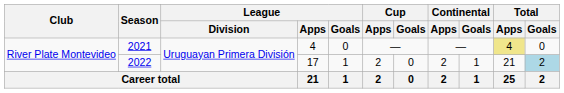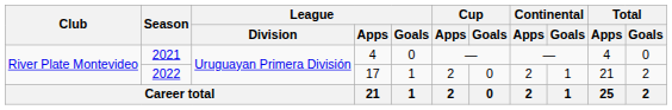 <table class="wikitable" Style="text-align: center">
 <tr>
 <th rowspan="2">Club</th>
 <th rowspan="2">Season</th>
 <th colspan="3">League</th>
 <th colspan="2">Cup</th>
 <th colspan="2">Continental</th>
 <th colspan="2">Total</th>
 </tr>
 <tr>
 <th>Division</th>
 <th>Apps</th>
 <th>Goals</th>
 <th>Apps</th>
 <th>Goals</th>
 <th>Apps</th>
 <th>Goals</th>
 <th>Apps</th>
 <th>Goals</th>
 </tr>
 <tr>
 <td rowspan="2"><a href='#'>River Plate Montevideo</a></td>
 <td><a href='#'>2021</a></td>
 <td rowspan="2"><a href='#'>Uruguayan Primera División</a></td>
 <td>4</td>
 <td>0</td>
 <td colspan="2">—</td>
 <td colspan="2">—</td>
-<td style="background: khaki;">4</td>
+<td>4</td>
 <td>0</td>
 </tr>
 <tr>
 <td><a href='#'>2022</a></td>
 <td>17</td>
 <td>1</td>
 <td>2</td>
 <td>0</td>
 <td>2</td>
 <td>1</td>
 <td>21</td>
-<td style="background: lightblue;">2</td>
+<td>2</td>
 </tr>
 <tr>
 <th colspan="3">Career total</th>
 <th>21</th>
 <th>1</th>
 <th>2</th>
 <th>0</th>
 <th>2</th>
 <th>1</th>
 <th>25</th>
 <th>2</th>
 </tr>
 </table>
